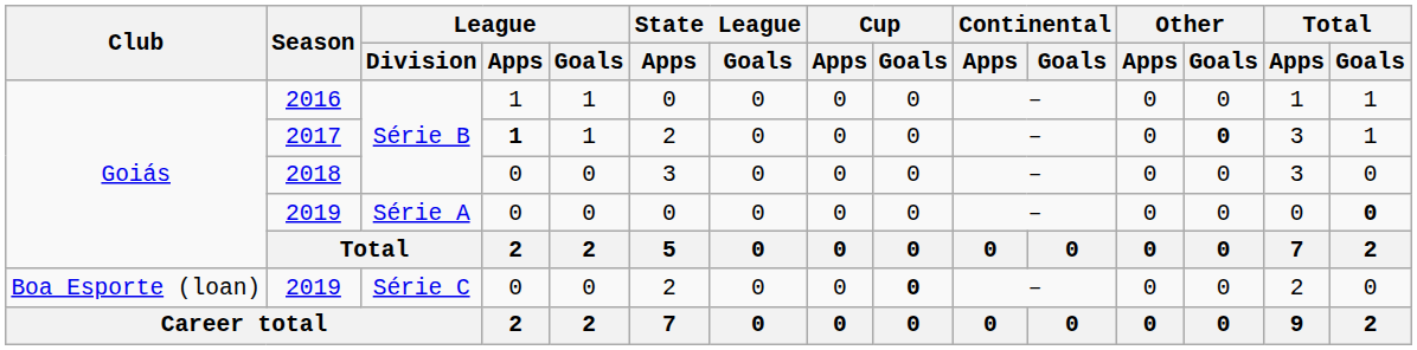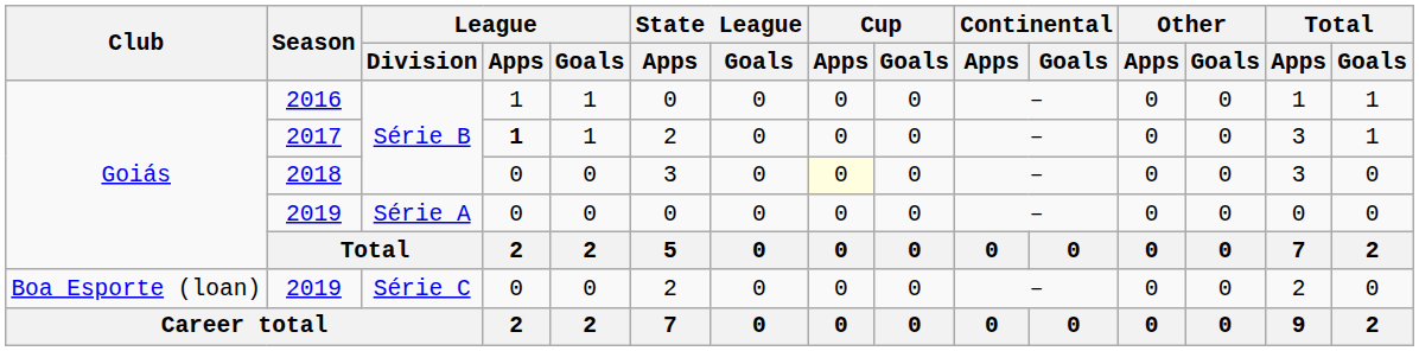 <table class="wikitable" style="text-align: center">
 <tr>
 <th rowspan="2">Club</th>
 <th rowspan="2">Season</th>
 <th colspan="3">League</th>
 <th colspan="2">State League</th>
 <th colspan="2">Cup</th>
 <th colspan="2">Continental</th>
 <th colspan="2">Other</th>
 <th colspan="2">Total</th>
 </tr>
 <tr>
 <th>Division</th>
 <th>Apps</th>
 <th>Goals</th>
 <th>Apps</th>
 <th>Goals</th>
 <th>Apps</th>
 <th>Goals</th>
 <th>Apps</th>
 <th>Goals</th>
 <th>Apps</th>
 <th>Goals</th>
 <th>Apps</th>
 <th>Goals</th>
 </tr>
 <tr>
 <td rowspan="5"><a href='#'>Goiás</a></td>
 <td><a href='#'>2016</a></td>
 <td rowspan="3"><a href='#'>Série B</a></td>
 <td>1</td>
 <td>1</td>
 <td>0</td>
 <td>0</td>
 <td>0</td>
 <td>0</td>
 <td colspan="2">–</td>
 <td>0</td>
 <td>0</td>
 <td>1</td>
 <td>1</td>
 </tr>
 <tr>
 <td><a href='#'>2017</a></td>
 <td><strong>1</strong></td>
 <td>1</td>
 <td>2</td>
 <td>0</td>
 <td>0</td>
 <td>0</td>
 <td colspan="2">–</td>
 <td>0</td>
-<td><strong>0</strong></td>
+<td>0</td>
 <td>3</td>
 <td>1</td>
 </tr>
 <tr>
 <td><a href='#'>2018</a></td>
 <td>0</td>
 <td>0</td>
 <td>3</td>
 <td>0</td>
-<td>0</td>
+<td style="background: lightyellow;">0</td>
 <td>0</td>
 <td colspan="2">–</td>
 <td>0</td>
 <td>0</td>
 <td>3</td>
 <td>0</td>
 </tr>
 <tr>
 <td><a href='#'>2019</a></td>
 <td><a href='#'>Série A</a></td>
 <td>0</td>
 <td>0</td>
 <td>0</td>
 <td>0</td>
 <td>0</td>
 <td>0</td>
 <td colspan="2">–</td>
 <td>0</td>
 <td>0</td>
 <td>0</td>
-<td><strong>0</strong></td>
+<td>0</td>
 </tr>
 <tr>
 <th colspan="2"><strong>Total</strong></th>
 <th>2</th>
 <th>2</th>
 <th>5</th>
 <th>0</th>
 <th>0</th>
 <th>0</th>
 <th>0</th>
 <th>0</th>
 <th>0</th>
 <th>0</th>
 <th>7</th>
 <th>2</th>
 </tr>
 <tr>
 <td><a href='#'>Boa Esporte</a> (loan)</td>
 <td><a href='#'>2019</a></td>
 <td><a href='#'>Série C</a></td>
 <td>0</td>
 <td>0</td>
 <td>2</td>
 <td>0</td>
 <td>0</td>
-<td><strong>0</strong></td>
+<td>0</td>
 <td colspan="2">–</td>
 <td>0</td>
 <td>0</td>
 <td>2</td>
 <td>0</td>
 </tr>
 <tr>
 <th colspan="3"><strong>Career total</strong></th>
 <th>2</th>
 <th>2</th>
 <th>7</th>
 <th>0</th>
 <th>0</th>
 <th>0</th>
 <th>0</th>
 <th>0</th>
 <th>0</th>
 <th>0</th>
 <th>9</th>
 <th>2</th>
 </tr>
 </table>
